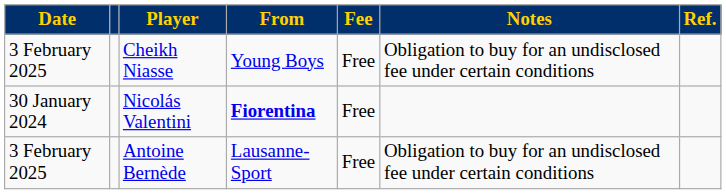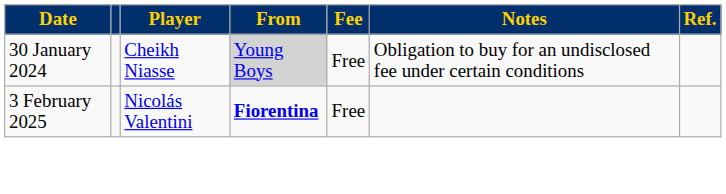 <table class="wikitable">
 <tr>
 <th style="background:#002F6C;color:#FFD100">Date</th>
 <th style="background:#002F6C;color:#FFD100"></th>
 <th style="background:#002F6C;color:#FFD100">Player</th>
 <th style="background:#002F6C;color:#FFD100">From</th>
 <th style="background:#002F6C;color:#FFD100">Fee</th>
 <th style="background:#002F6C;color:#FFD100">Notes</th>
 <th style="background:#002F6C;color:#FFD100">Ref.</th>
 </tr>
 <tr>
-<td>3 February 2025</td>
+<td>30 January 2024</td>
 <td></td>
 <td> <a href='#'>Cheikh Niasse</a></td>
-<td> <a href='#'>Young Boys</a></td>
+<td style="background: lightgrey;"> <a href='#'>Young Boys</a></td>
 <td>Free</td>
 <td>Obligation to buy for an undisclosed fee under certain conditions</td>
 <td></td>
 </tr>
 <tr>
-<td>30 January 2024</td>
+<td>3 February 2025</td>
 <td></td>
 <td> <a href='#'>Nicolás Valentini</a></td>
 <td><strong> <a href='#'>Fiorentina</a></strong></td>
 <td>Free</td>
 <td></td>
 <td></td>
 </tr>
-<tr>
-<td>3 February 2025</td>
-<td></td>
-<td> <a href='#'>Antoine Bernède</a></td>
-<td> <a href='#'>Lausanne-Sport</a></td>
-<td>Free</td>
-<td>Obligation to buy for an undisclosed fee under certain conditions</td>
-<td></td>
-</tr>
 </table>
